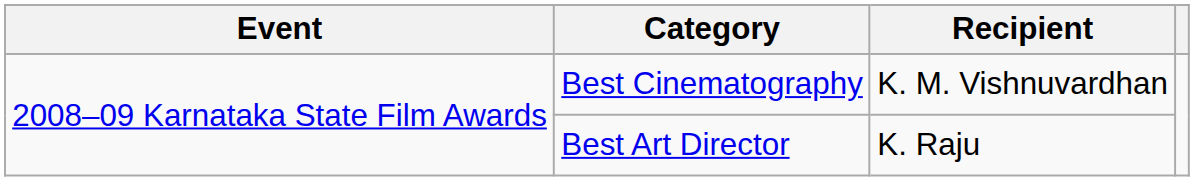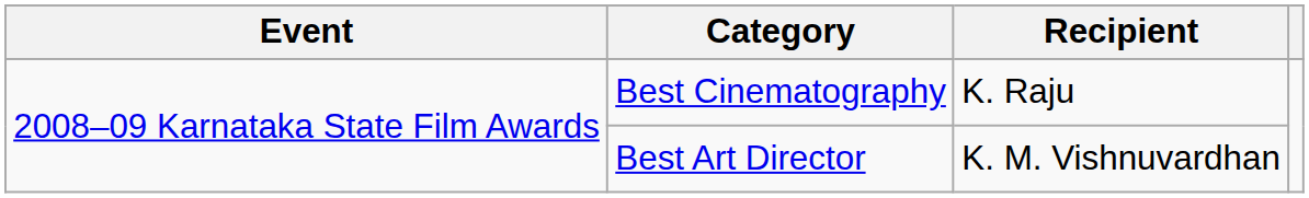 <table class="wikitable">
 <tr>
 <th>Event</th>
 <th>Category</th>
 <th>Recipient</th>
 <th></th>
 </tr>
 <tr>
 <td rowspan="2"><a href='#'>2008–09 Karnataka State Film Awards</a></td>
 <td><a href='#'>Best Cinematography</a></td>
-<td>K. M. Vishnuvardhan</td>
+<td>K. Raju</td>
 <td rowspan="2"><br><br><br></td>
 </tr>
 <tr>
 <td><a href='#'>Best Art Director</a></td>
-<td>K. Raju</td>
+<td>K. M. Vishnuvardhan</td>
 </tr>
 </table>
